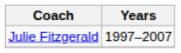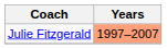 <table class="wikitable collapsible">
 <tr>
 <th>Coach</th>
 <th>Years</th>
 </tr>
 <tr>
 <td><a href='#'>Julie Fitzgerald</a></td>
-<td>1997–2007</td>
+<td style="background: lightsalmon;">1997–2007</td>
 </tr>
 <tr>
 </tr>
 </table>
